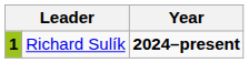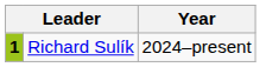 <table class="wikitable">
 <tr>
 <th colspan="2">Leader</th>
 <th>Year</th>
 </tr>
 <tr>
 <th style="background:#9bc31c; color:black">1</th>
 <td><a href='#'>Richard Sulík</a></td>
-<td><strong>2024–present</strong></td>
+<td>2024–present</td>
 </tr>
 </table>
